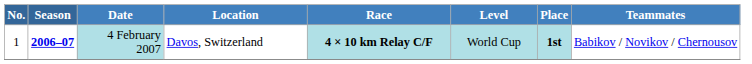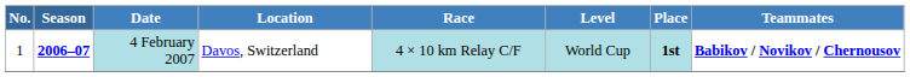 <table class="wikitable sortable" style="font-size:95%; text-align:center; border:grey solid 1px; border-collapse:collapse; background:#ffffff;">
 <tr style="background:#efefef;">
 <th style="background-color:#369; color:white;">No.</th>
 <th style="background-color:#369; color:white;">Season</th>
 <th style="background-color:#4180be; color:white; width:100px;">Date</th>
 <th style="background-color:#4180be; color:white; width:170px;">Location</th>
 <th style="background-color:#4180be; color:white; width:170px;">Race</th>
 <th style="background-color:#4180be; color:white; width:100px;">Level</th>
 <th style="background-color:#4180be; color:white;">Place</th>
 <th style="background-color:#4180be; color:white;">Teammates</th>
 </tr>
 <tr>
 <td align=center>1</td>
 <td rowspan=1 align=center><strong><a href='#'>2006–07</a></strong></td>
 <td bgcolor="#BOEOE6" align=right>4 February 2007</td>
 <td align=left> <a href='#'>Davos</a>, Switzerland</td>
-<td bgcolor="#BOEOE6"><strong>4 × 10 km Relay C/F</strong></td>
+<td bgcolor="#BOEOE6">4 × 10 km Relay C/F</td>
 <td bgcolor="#BOEOE6">World Cup</td>
 <td bgcolor="#BOEOE6"><strong>1st</strong></td>
-<td><a href='#'>Babikov</a> / <a href='#'>Novikov</a> / <a href='#'>Chernousov</a></td>
+<td><strong><a href='#'>Babikov</a> / <a href='#'>Novikov</a> / <a href='#'>Chernousov</a></strong></td>
 </tr>
 <tr>
 </tr>
 </table>
